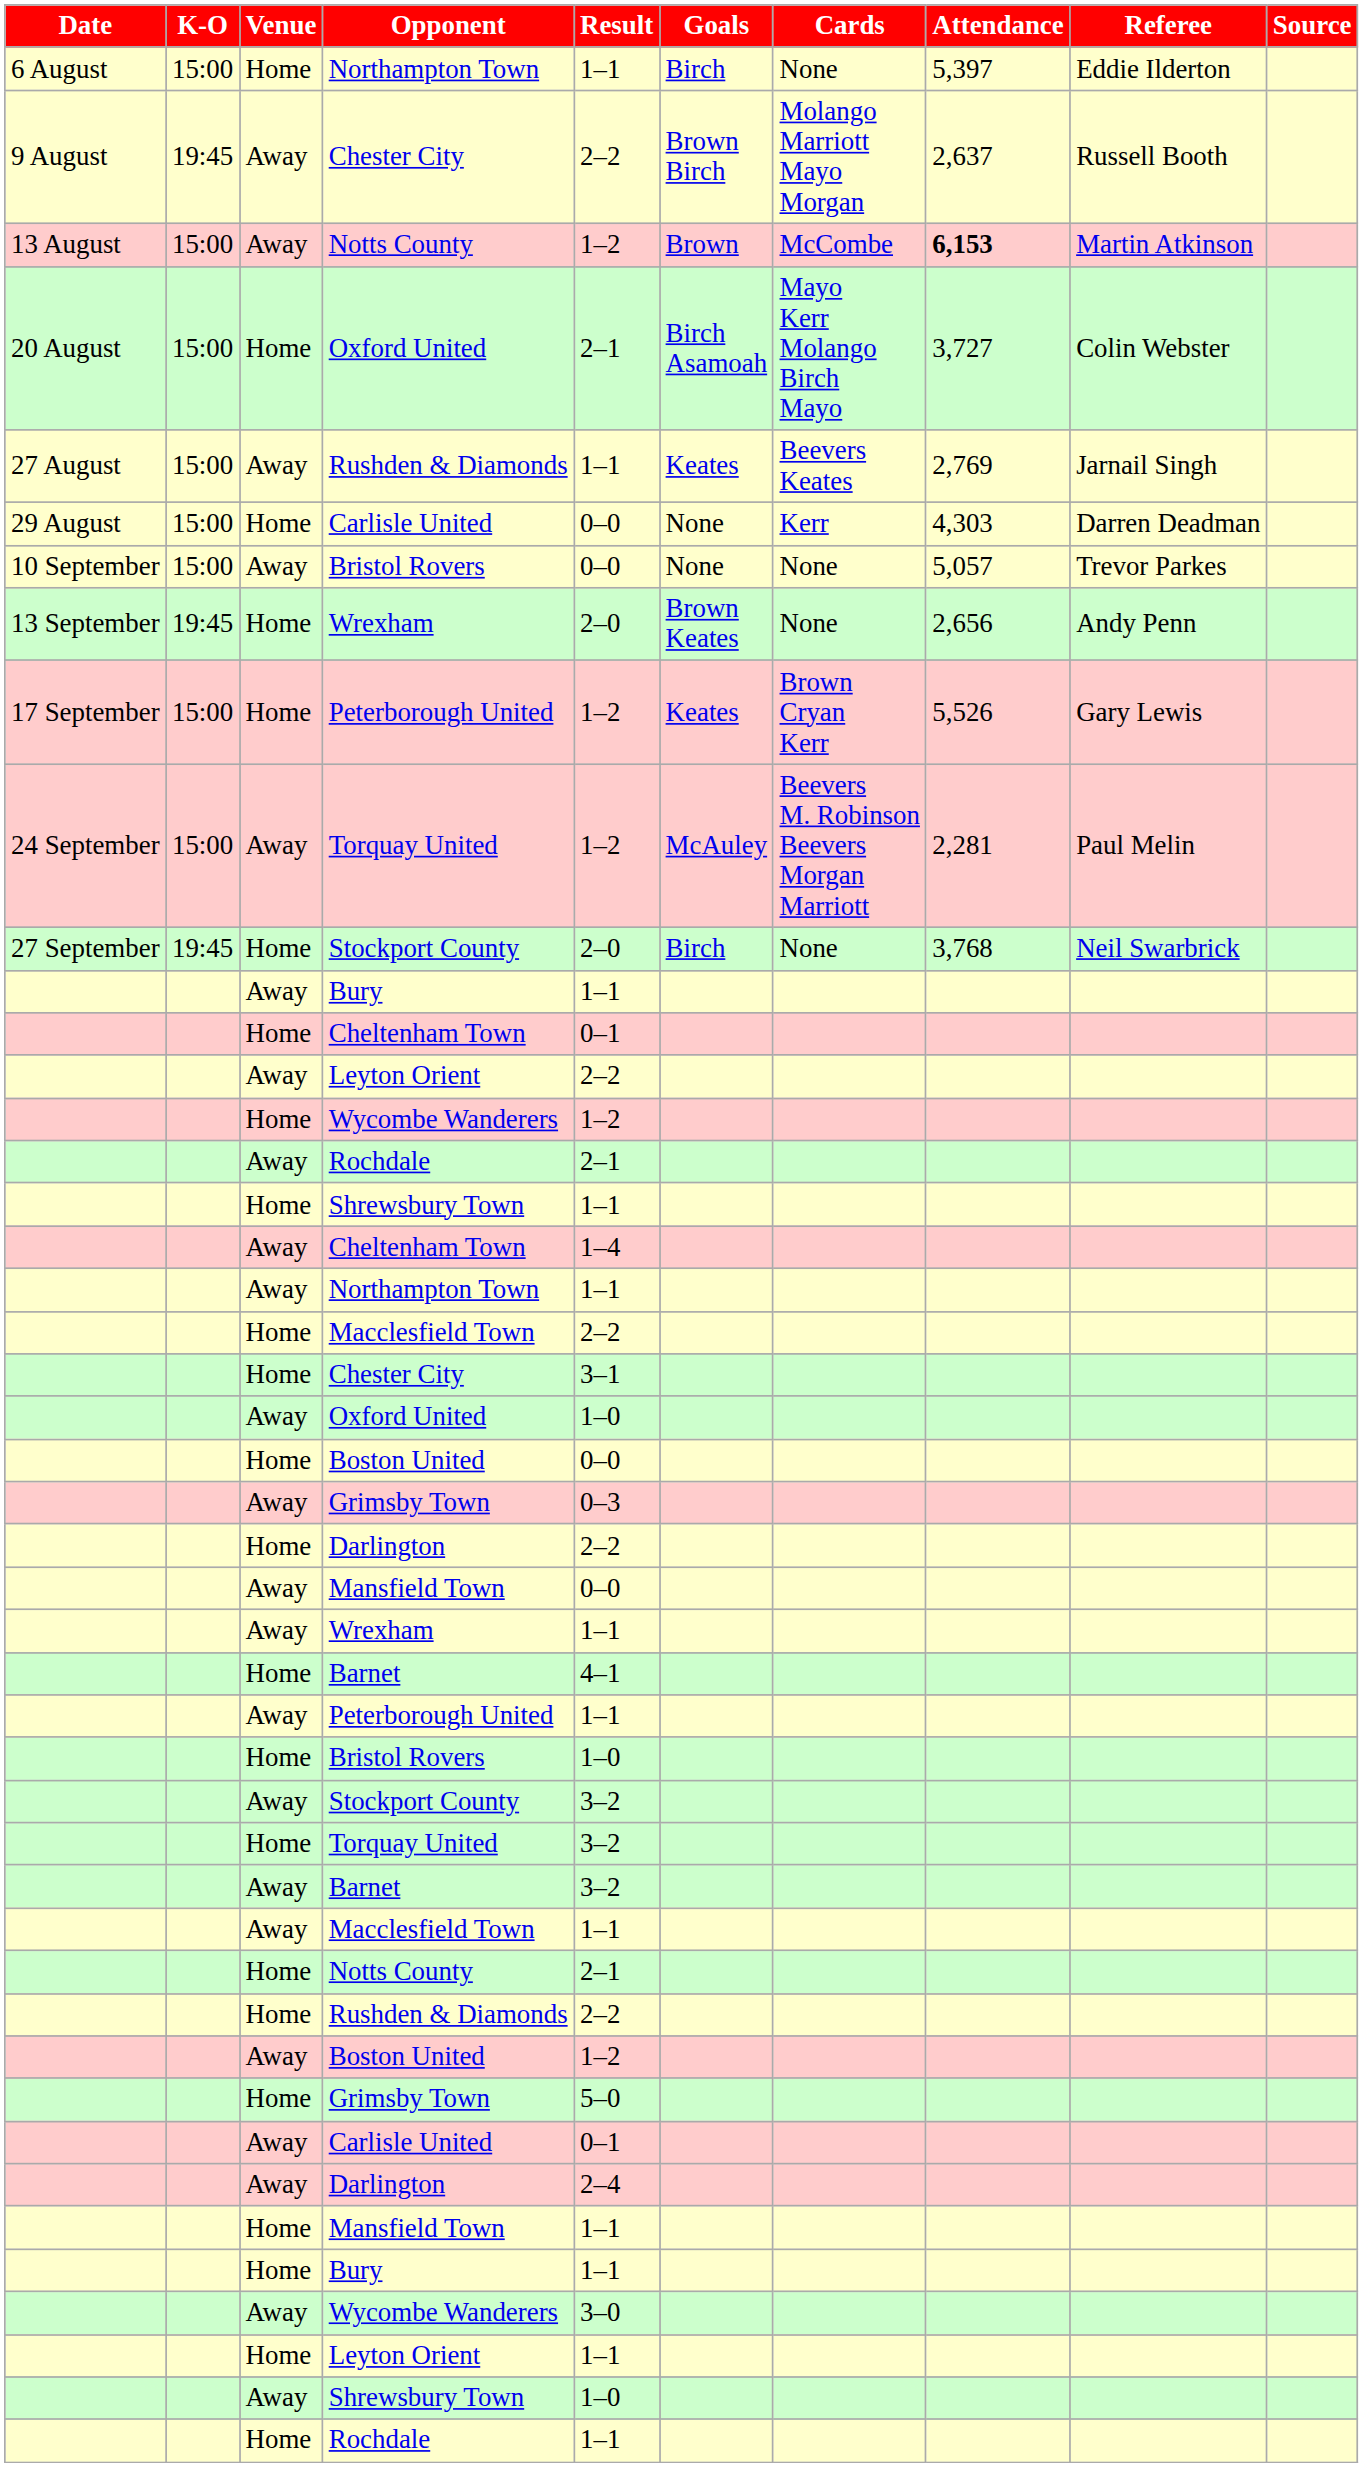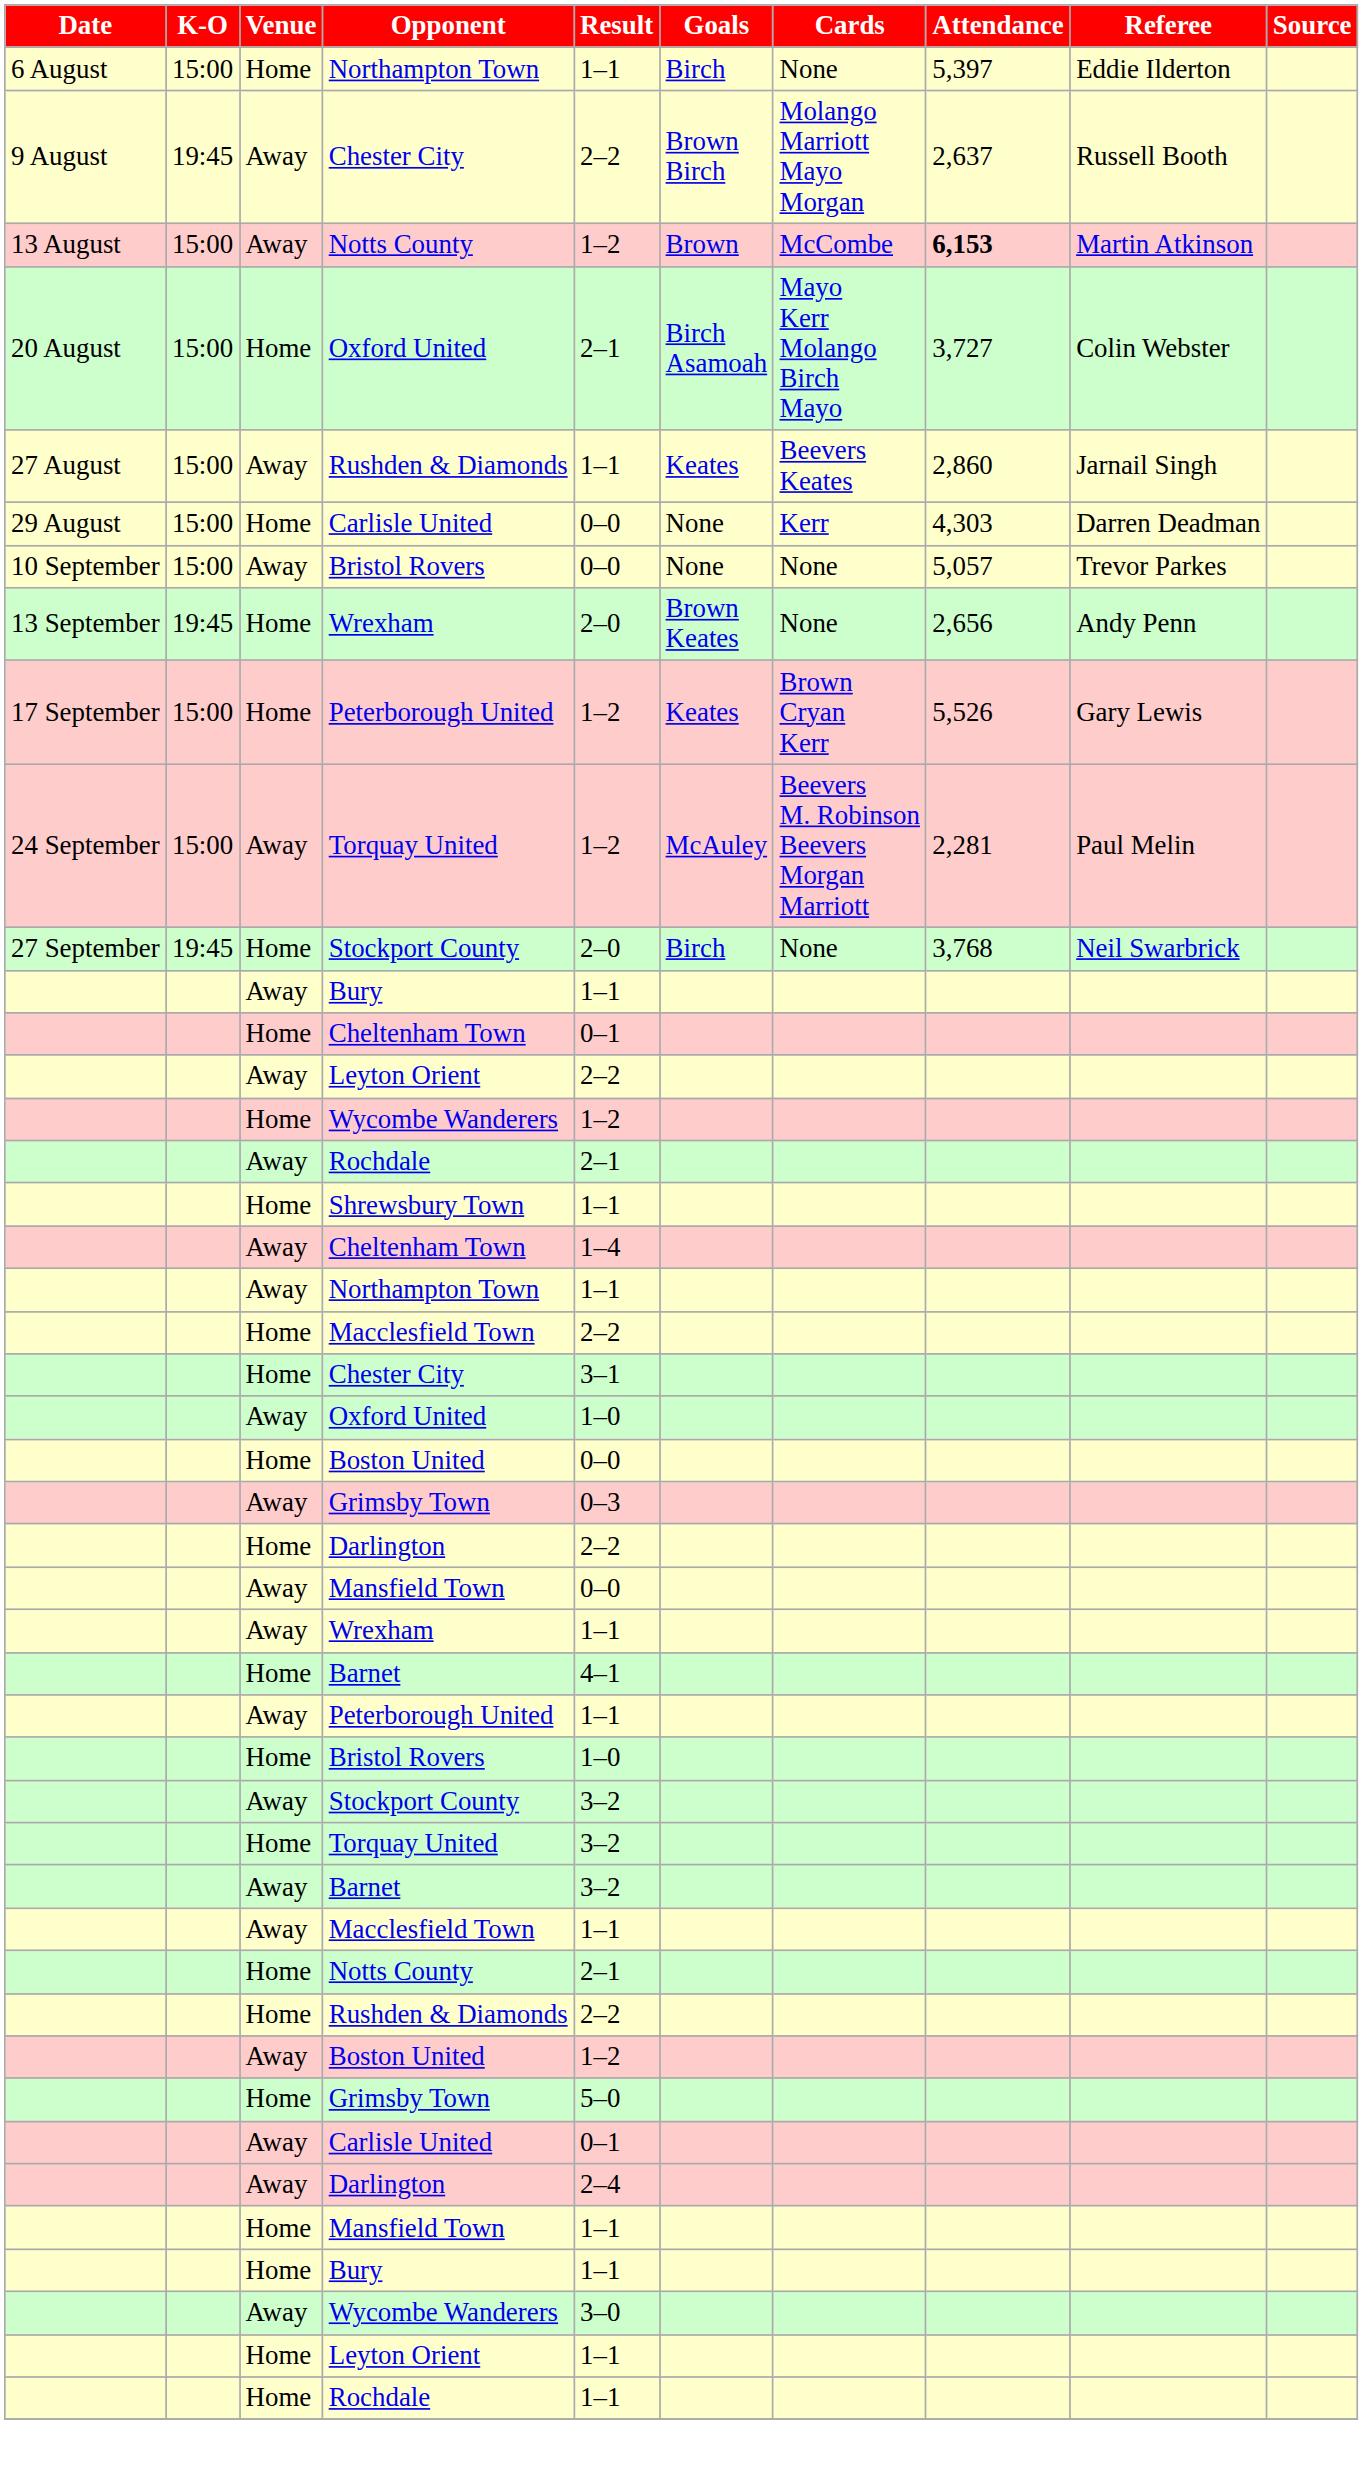 <table class="wikitable" style="text-align: left">
 <tr>
 <th style="background:#FF0000; color:white;">Date</th>
 <th style="background:#FF0000; color:white;">K-O</th>
 <th style="background:#FF0000; color:white;">Venue</th>
 <th style="background:#FF0000; color:white;">Opponent</th>
 <th style="background:#FF0000; color:white;">Result</th>
 <th style="background:#FF0000; color:white;">Goals</th>
 <th style="background:#FF0000; color:white;">Cards</th>
 <th style="background:#FF0000; color:white;">Attendance</th>
 <th style="background:#FF0000; color:white;">Referee</th>
 <th style="background:#FF0000; color:white;">Source</th>
 </tr>
 <tr style="background-color: #FFFFCC;">
 <td>6 August</td>
 <td>15:00</td>
 <td>Home</td>
 <td><a href='#'>Northampton Town</a></td>
 <td>1–1</td>
 <td> <a href='#'>Birch</a></td>
 <td>None</td>
 <td>5,397</td>
 <td>Eddie Ilderton</td>
 <td></td>
 </tr>
 <tr style="background-color: #FFFFCC;">
 <td>9 August</td>
 <td>19:45</td>
 <td>Away</td>
 <td><a href='#'>Chester City</a></td>
 <td>2–2</td>
 <td> <a href='#'>Brown</a><br> <a href='#'>Birch</a></td>
 <td> <a href='#'>Molango</a><br> <a href='#'>Marriott</a><br> <a href='#'>Mayo</a><br> <a href='#'>Morgan</a></td>
 <td>2,637</td>
 <td>Russell Booth</td>
 <td></td>
 </tr>
 <tr style="background-color: #FFCCCC;">
 <td>13 August</td>
 <td>15:00</td>
 <td>Away</td>
 <td><a href='#'>Notts County</a></td>
 <td>1–2</td>
 <td> <a href='#'>Brown</a></td>
 <td> <a href='#'>McCombe</a></td>
 <td><strong>6,153</strong></td>
 <td><a href='#'>Martin Atkinson</a></td>
 <td></td>
 </tr>
 <tr style="background-color: #CCFFCC;">
 <td>20 August</td>
 <td>15:00</td>
 <td>Home</td>
 <td><a href='#'>Oxford United</a></td>
 <td>2–1</td>
 <td> <a href='#'>Birch</a><br> <a href='#'>Asamoah</a></td>
 <td> <a href='#'>Mayo</a><br> <a href='#'>Kerr</a><br> <a href='#'>Molango</a><br> <a href='#'>Birch</a><br> <a href='#'>Mayo</a></td>
 <td>3,727</td>
 <td>Colin Webster</td>
 <td></td>
 </tr>
 <tr style="background-color: #FFFFCC;">
 <td>27 August</td>
 <td>15:00</td>
 <td>Away</td>
 <td><a href='#'>Rushden & Diamonds</a></td>
 <td>1–1</td>
 <td> <a href='#'>Keates</a></td>
 <td> <a href='#'>Beevers</a><br> <a href='#'>Keates</a></td>
-<td>2,769</td>
+<td>2,860</td>
 <td>Jarnail Singh</td>
 <td></td>
 </tr>
 <tr style="background-color: #FFFFCC;">
 <td>29 August</td>
 <td>15:00</td>
 <td>Home</td>
 <td><a href='#'>Carlisle United</a></td>
 <td>0–0</td>
 <td>None</td>
 <td> <a href='#'>Kerr</a></td>
 <td>4,303</td>
 <td>Darren Deadman</td>
 <td></td>
 </tr>
 <tr style="background-color: #FFFFCC;">
 <td>10 September</td>
 <td>15:00</td>
 <td>Away</td>
 <td><a href='#'>Bristol Rovers</a></td>
 <td>0–0</td>
 <td>None</td>
 <td>None</td>
 <td>5,057</td>
 <td>Trevor Parkes</td>
 <td></td>
 </tr>
 <tr style="background-color: #CCFFCC;">
 <td>13 September</td>
 <td>19:45</td>
 <td>Home</td>
 <td><a href='#'>Wrexham</a></td>
 <td>2–0</td>
 <td> <a href='#'>Brown</a><br> <a href='#'>Keates</a></td>
 <td>None</td>
 <td>2,656</td>
 <td>Andy Penn</td>
 <td></td>
 </tr>
 <tr style="background-color: #FFCCCC;">
 <td>17 September</td>
 <td>15:00</td>
 <td>Home</td>
 <td><a href='#'>Peterborough United</a></td>
 <td>1–2</td>
 <td> <a href='#'>Keates</a></td>
 <td> <a href='#'>Brown</a><br> <a href='#'>Cryan</a><br> <a href='#'>Kerr</a></td>
 <td>5,526</td>
 <td>Gary Lewis</td>
 <td></td>
 </tr>
 <tr style="background-color: #FFCCCC;">
 <td>24 September</td>
 <td>15:00</td>
 <td>Away</td>
 <td><a href='#'>Torquay United</a></td>
 <td>1–2</td>
 <td> <a href='#'>McAuley</a></td>
 <td> <a href='#'>Beevers</a><br> <a href='#'>M. Robinson</a><br> <a href='#'>Beevers</a><br> <a href='#'>Morgan</a><br> <a href='#'>Marriott</a></td>
 <td>2,281</td>
 <td>Paul Melin</td>
 <td></td>
 </tr>
 <tr style="background-color: #CCFFCC;">
 <td>27 September</td>
 <td>19:45</td>
 <td>Home</td>
 <td><a href='#'>Stockport County</a></td>
 <td>2–0</td>
 <td> <a href='#'>Birch</a></td>
 <td>None</td>
 <td>3,768</td>
 <td><a href='#'>Neil Swarbrick</a></td>
 <td></td>
 </tr>
 <tr style="background-color: #FFFFCC;">
 <td></td>
 <td></td>
 <td>Away</td>
 <td><a href='#'>Bury</a></td>
 <td>1–1</td>
 <td></td>
 <td></td>
 <td></td>
 <td></td>
 <td></td>
 </tr>
 <tr style="background-color: #FFCCCC;">
 <td></td>
 <td></td>
 <td>Home</td>
 <td><a href='#'>Cheltenham Town</a></td>
 <td>0–1</td>
 <td></td>
 <td></td>
 <td></td>
 <td></td>
 <td></td>
 </tr>
 <tr style="background-color: #FFFFCC;">
 <td></td>
 <td></td>
 <td>Away</td>
 <td><a href='#'>Leyton Orient</a></td>
 <td>2–2</td>
 <td></td>
 <td></td>
 <td></td>
 <td></td>
 <td></td>
 </tr>
 <tr style="background-color: #FFCCCC;">
 <td></td>
 <td></td>
 <td>Home</td>
 <td><a href='#'>Wycombe Wanderers</a></td>
 <td>1–2</td>
 <td></td>
 <td></td>
 <td></td>
 <td></td>
 <td></td>
 </tr>
 <tr style="background-color: #CCFFCC;">
 <td></td>
 <td></td>
 <td>Away</td>
 <td><a href='#'>Rochdale</a></td>
 <td>2–1</td>
 <td></td>
 <td></td>
 <td></td>
 <td></td>
 <td></td>
 </tr>
 <tr style="background-color: #FFFFCC;">
 <td></td>
 <td></td>
 <td>Home</td>
 <td><a href='#'>Shrewsbury Town</a></td>
 <td>1–1</td>
 <td></td>
 <td></td>
 <td></td>
 <td></td>
 <td></td>
 </tr>
 <tr style="background-color: #FFCCCC;">
 <td></td>
 <td></td>
 <td>Away</td>
 <td><a href='#'>Cheltenham Town</a></td>
 <td>1–4</td>
 <td></td>
 <td></td>
 <td></td>
 <td></td>
 <td></td>
 </tr>
 <tr style="background-color: #FFFFCC;">
 <td></td>
 <td></td>
 <td>Away</td>
 <td><a href='#'>Northampton Town</a></td>
 <td>1–1</td>
 <td></td>
 <td></td>
 <td></td>
 <td></td>
 <td></td>
 </tr>
 <tr style="background-color: #FFFFCC;">
 <td></td>
 <td></td>
 <td>Home</td>
 <td><a href='#'>Macclesfield Town</a></td>
 <td>2–2</td>
 <td></td>
 <td></td>
 <td></td>
 <td></td>
 <td></td>
 </tr>
 <tr style="background-color: #CCFFCC;">
 <td></td>
 <td></td>
 <td>Home</td>
 <td><a href='#'>Chester City</a></td>
 <td>3–1</td>
 <td></td>
 <td></td>
 <td></td>
 <td></td>
 <td></td>
 </tr>
 <tr style="background-color: #CCFFCC;">
 <td></td>
 <td></td>
 <td>Away</td>
 <td><a href='#'>Oxford United</a></td>
 <td>1–0</td>
 <td></td>
 <td></td>
 <td></td>
 <td></td>
 <td></td>
 </tr>
 <tr style="background-color: #FFFFCC;">
 <td></td>
 <td></td>
 <td>Home</td>
 <td><a href='#'>Boston United</a></td>
 <td>0–0</td>
 <td></td>
 <td></td>
 <td></td>
 <td></td>
 <td></td>
 </tr>
 <tr style="background-color: #FFCCCC;">
 <td></td>
 <td></td>
 <td>Away</td>
 <td><a href='#'>Grimsby Town</a></td>
 <td>0–3</td>
 <td></td>
 <td></td>
 <td></td>
 <td></td>
 <td></td>
 </tr>
 <tr style="background-color: #FFFFCC;">
 <td></td>
 <td></td>
 <td>Home</td>
 <td><a href='#'>Darlington</a></td>
 <td>2–2</td>
 <td></td>
 <td></td>
 <td></td>
 <td></td>
 <td></td>
 </tr>
 <tr style="background-color: #FFFFCC;">
 <td></td>
 <td></td>
 <td>Away</td>
 <td><a href='#'>Mansfield Town</a></td>
 <td>0–0</td>
 <td></td>
 <td></td>
 <td></td>
 <td></td>
 <td></td>
 </tr>
 <tr style="background-color: #FFFFCC;">
 <td></td>
 <td></td>
 <td>Away</td>
 <td><a href='#'>Wrexham</a></td>
 <td>1–1</td>
 <td></td>
 <td></td>
 <td></td>
 <td></td>
 <td></td>
 </tr>
 <tr style="background-color: #CCFFCC;">
 <td></td>
 <td></td>
 <td>Home</td>
 <td><a href='#'>Barnet</a></td>
 <td>4–1</td>
 <td></td>
 <td></td>
 <td></td>
 <td></td>
 <td></td>
 </tr>
 <tr style="background-color: #FFFFCC;">
 <td></td>
 <td></td>
 <td>Away</td>
 <td><a href='#'>Peterborough United</a></td>
 <td>1–1</td>
 <td></td>
 <td></td>
 <td></td>
 <td></td>
 <td></td>
 </tr>
 <tr style="background-color: #CCFFCC;">
 <td></td>
 <td></td>
 <td>Home</td>
 <td><a href='#'>Bristol Rovers</a></td>
 <td>1–0</td>
 <td></td>
 <td></td>
 <td></td>
 <td></td>
 <td></td>
 </tr>
 <tr style="background-color: #CCFFCC;">
 <td></td>
 <td></td>
 <td>Away</td>
 <td><a href='#'>Stockport County</a></td>
 <td>3–2</td>
 <td></td>
 <td></td>
 <td></td>
 <td></td>
 <td></td>
 </tr>
 <tr style="background-color: #CCFFCC;">
 <td></td>
 <td></td>
 <td>Home</td>
 <td><a href='#'>Torquay United</a></td>
 <td>3–2</td>
 <td></td>
 <td></td>
 <td></td>
 <td></td>
 <td></td>
 </tr>
 <tr style="background-color: #CCFFCC;">
 <td></td>
 <td></td>
 <td>Away</td>
 <td><a href='#'>Barnet</a></td>
 <td>3–2</td>
 <td></td>
 <td></td>
 <td></td>
 <td></td>
 <td></td>
 </tr>
 <tr style="background-color: #FFFFCC;">
 <td></td>
 <td></td>
 <td>Away</td>
 <td><a href='#'>Macclesfield Town</a></td>
 <td>1–1</td>
 <td></td>
 <td></td>
 <td></td>
 <td></td>
 <td></td>
 </tr>
 <tr style="background-color: #CCFFCC;">
 <td></td>
 <td></td>
 <td>Home</td>
 <td><a href='#'>Notts County</a></td>
 <td>2–1</td>
 <td></td>
 <td></td>
 <td></td>
 <td></td>
 <td></td>
 </tr>
 <tr style="background-color: #FFFFCC;">
 <td></td>
 <td></td>
 <td>Home</td>
 <td><a href='#'>Rushden & Diamonds</a></td>
 <td>2–2</td>
 <td></td>
 <td></td>
 <td></td>
 <td></td>
 <td></td>
 </tr>
 <tr style="background-color: #FFCCCC;">
 <td></td>
 <td></td>
 <td>Away</td>
 <td><a href='#'>Boston United</a></td>
 <td>1–2</td>
 <td></td>
 <td></td>
 <td></td>
 <td></td>
 <td></td>
 </tr>
 <tr style="background-color: #CCFFCC;">
 <td></td>
 <td></td>
 <td>Home</td>
 <td><a href='#'>Grimsby Town</a></td>
 <td>5–0</td>
 <td></td>
 <td></td>
 <td></td>
 <td></td>
 <td></td>
 </tr>
 <tr style="background-color: #FFCCCC;">
 <td></td>
 <td></td>
 <td>Away</td>
 <td><a href='#'>Carlisle United</a></td>
 <td>0–1</td>
 <td></td>
 <td></td>
 <td></td>
 <td></td>
 <td></td>
 </tr>
 <tr style="background-color: #FFCCCC;">
 <td></td>
 <td></td>
 <td>Away</td>
 <td><a href='#'>Darlington</a></td>
 <td>2–4</td>
 <td></td>
 <td></td>
 <td></td>
 <td></td>
 <td></td>
 </tr>
 <tr style="background-color: #FFFFCC;">
 <td></td>
 <td></td>
 <td>Home</td>
 <td><a href='#'>Mansfield Town</a></td>
 <td>1–1</td>
 <td></td>
 <td></td>
 <td></td>
 <td></td>
 <td></td>
 </tr>
 <tr style="background-color: #FFFFCC;">
 <td></td>
 <td></td>
 <td>Home</td>
 <td><a href='#'>Bury</a></td>
 <td>1–1</td>
 <td></td>
 <td></td>
 <td></td>
 <td></td>
 <td></td>
 </tr>
 <tr style="background-color: #CCFFCC;">
 <td></td>
 <td></td>
 <td>Away</td>
 <td><a href='#'>Wycombe Wanderers</a></td>
 <td>3–0</td>
 <td></td>
 <td></td>
 <td></td>
 <td></td>
 <td></td>
 </tr>
 <tr style="background-color: #FFFFCC;">
 <td></td>
 <td></td>
 <td>Home</td>
 <td><a href='#'>Leyton Orient</a></td>
 <td>1–1</td>
 <td></td>
 <td></td>
 <td></td>
 <td></td>
 <td></td>
 </tr>
-<tr style="background-color: #CCFFCC;">
-<td></td>
-<td></td>
-<td>Away</td>
-<td><a href='#'>Shrewsbury Town</a></td>
-<td>1–0</td>
-<td></td>
-<td></td>
-<td></td>
-<td></td>
-<td></td>
-</tr>
 <tr style="background-color: #FFFFCC;">
 <td></td>
 <td></td>
 <td>Home</td>
 <td><a href='#'>Rochdale</a></td>
 <td>1–1</td>
 <td></td>
 <td></td>
 <td></td>
 <td></td>
 <td></td>
 </tr>
 <tr>
 </tr>
 </table>
